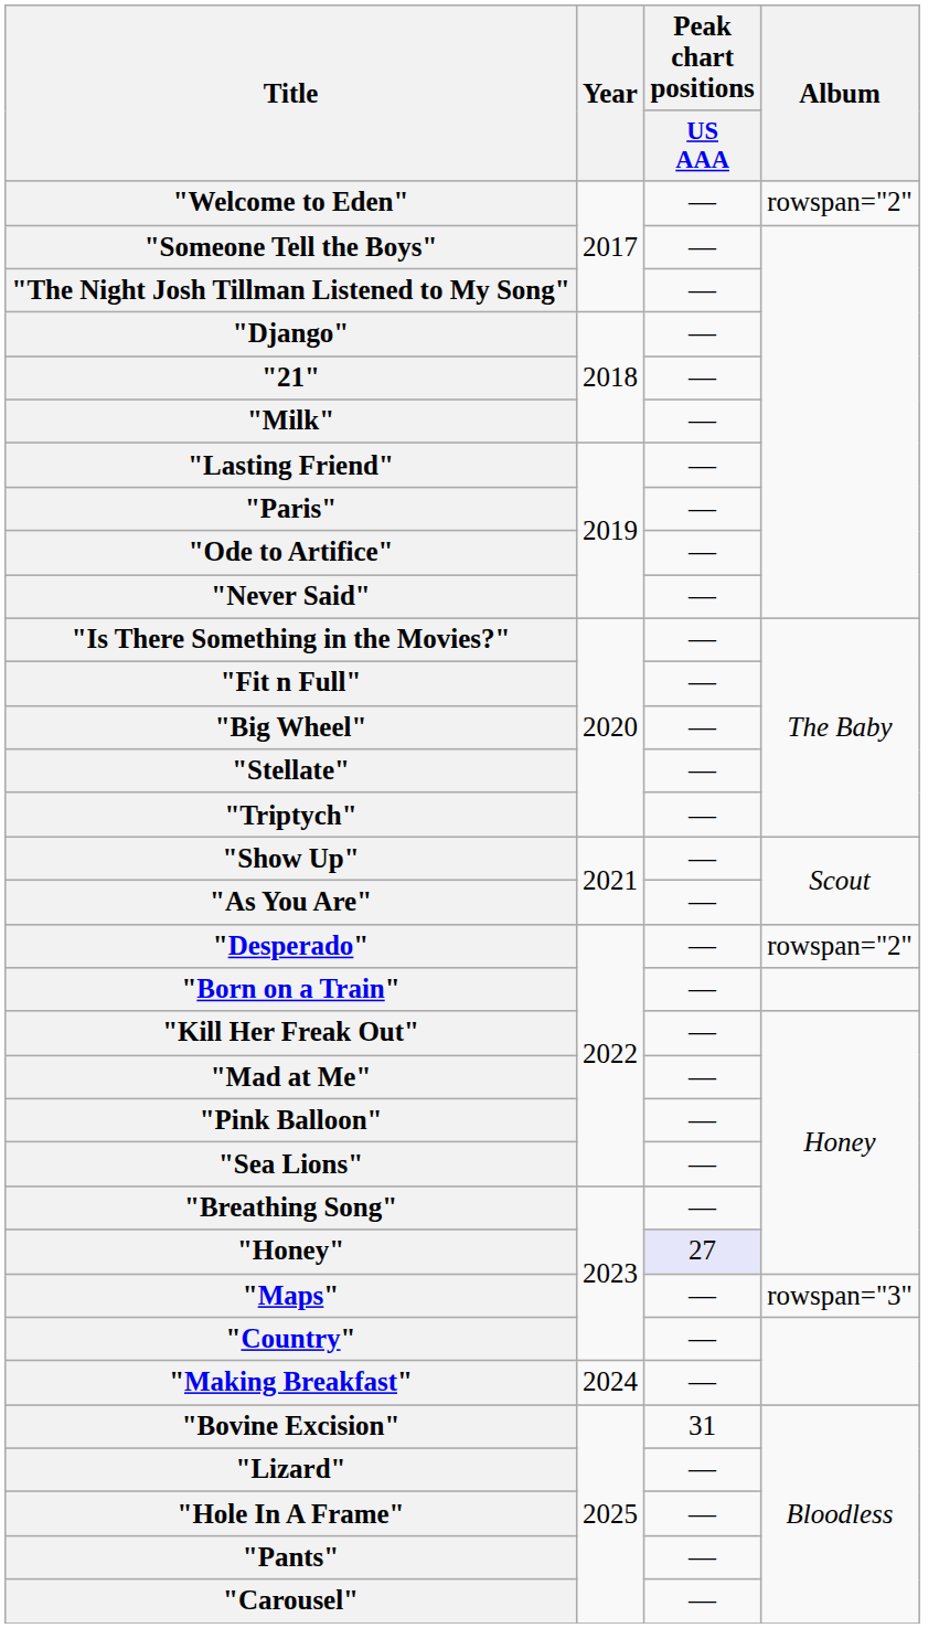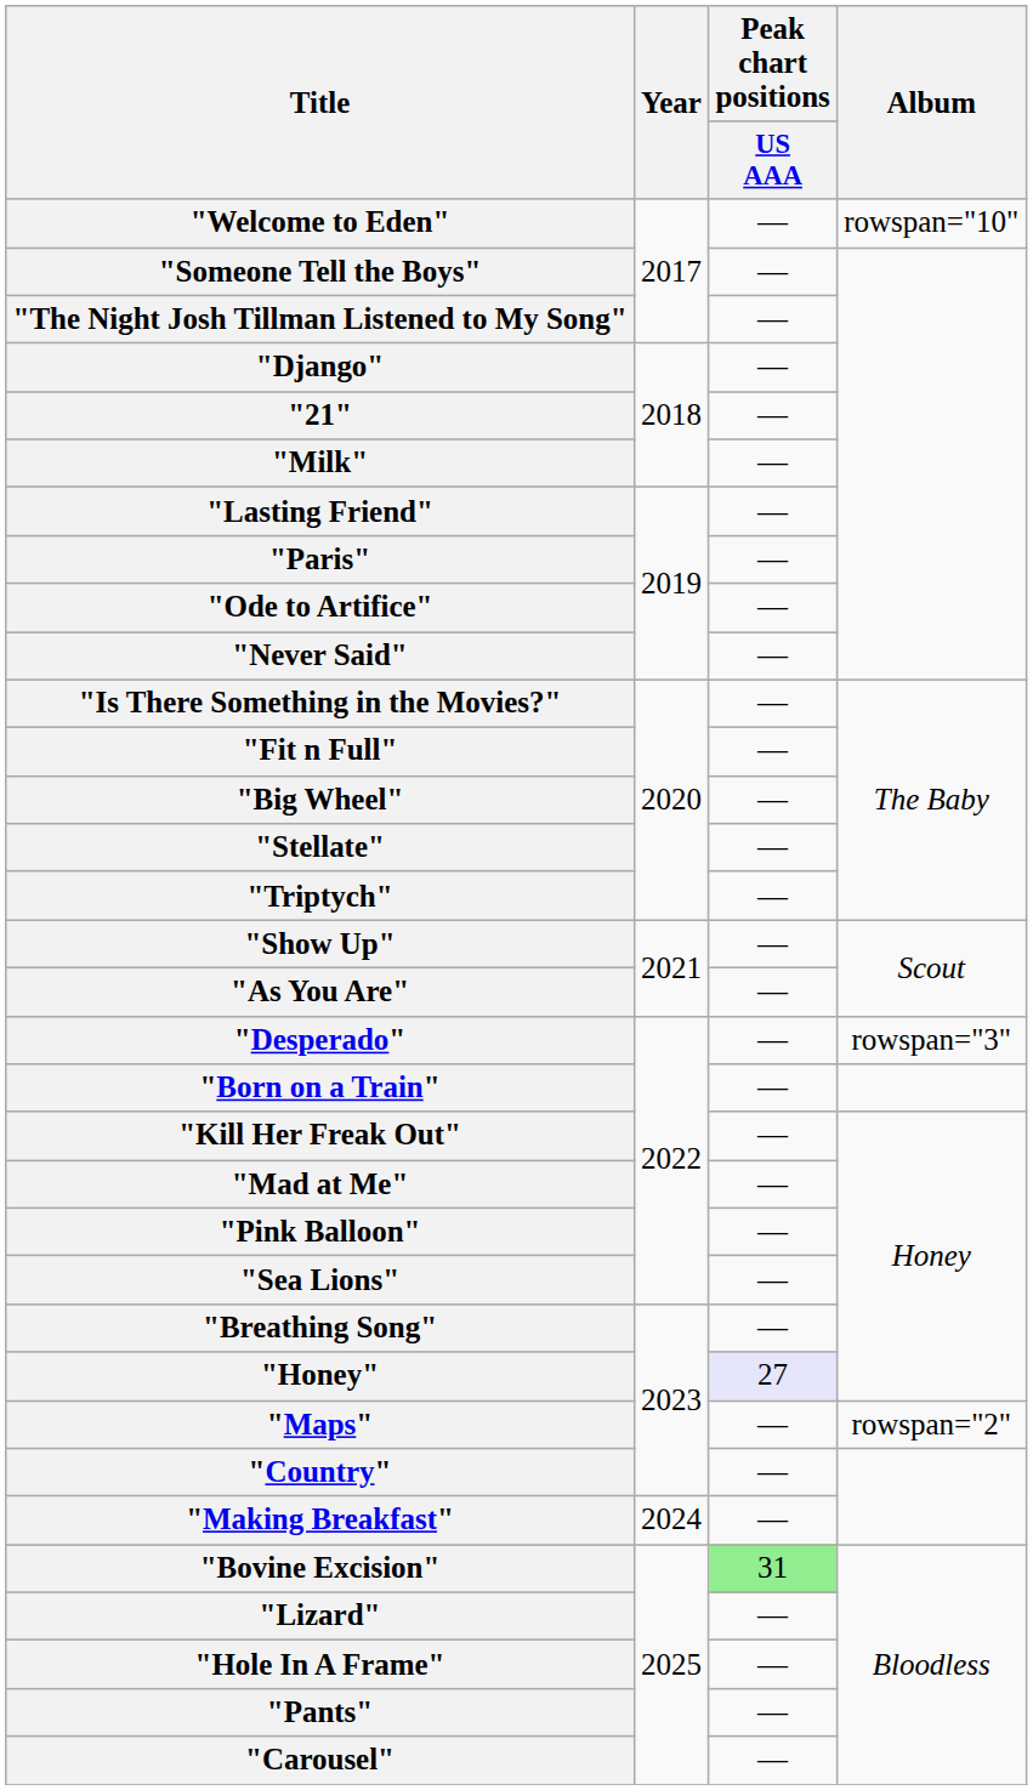 <table class="wikitable plainrowheaders" style="text-align:center;">
 <tr>
 <th scope="col" rowspan="2">Title</th>
 <th scope="col" rowspan="2">Year</th>
 <th>Peak chart positions</th>
 <th scope="col" rowspan="2">Album</th>
 </tr>
 <tr>
 <th scope="col" style="width:3em;font-size:90%;"><a href='#'>US<br>AAA</a><br></th>
 </tr>
 <tr>
 <th scope="row">"Welcome to Eden"</th>
 <td rowspan="3">2017</td>
 <td>—</td>
-<td>rowspan="2" </td>
+<td>rowspan="10" </td>
 </tr>
 <tr>
 <th scope="row">"Someone Tell the Boys"</th>
 <td>—</td>
 </tr>
 <tr>
 <th scope="row">"The Night Josh Tillman Listened to My Song"</th>
 <td>—</td>
 </tr>
 <tr>
 <th scope="row">"Django"</th>
 <td rowspan="3">2018</td>
 <td>—</td>
 </tr>
 <tr>
 <th scope="row">"21"</th>
 <td>—</td>
 </tr>
 <tr>
 <th scope="row">"Milk"</th>
 <td>—</td>
 </tr>
 <tr>
 <th scope="row">"Lasting Friend"</th>
 <td rowspan="4">2019</td>
 <td>—</td>
 </tr>
 <tr>
 <th scope="row">"Paris"</th>
 <td>—</td>
 </tr>
 <tr>
 <th scope="row">"Ode to Artifice"</th>
 <td>—</td>
 </tr>
 <tr>
 <th scope="row">"Never Said"</th>
 <td>—</td>
 </tr>
 <tr>
 <th scope="row">"Is There Something in the Movies?"</th>
 <td rowspan="5">2020</td>
 <td>—</td>
 <td rowspan="5"><em>The Baby</em></td>
 </tr>
 <tr>
 <th scope="row">"Fit n Full"</th>
 <td>—</td>
 </tr>
 <tr>
 <th scope="row">"Big Wheel"</th>
 <td>—</td>
 </tr>
 <tr>
 <th scope="row">"Stellate"</th>
 <td>—</td>
 </tr>
 <tr>
 <th scope="row">"Triptych"</th>
 <td>—</td>
 </tr>
 <tr>
 <th scope="row">"Show Up"</th>
 <td rowspan="2">2021</td>
 <td>—</td>
 <td rowspan="2"><em>Scout</em></td>
 </tr>
 <tr>
 <th scope="row">"As You Are"</th>
 <td>—</td>
 </tr>
 <tr>
 <th scope="row">"<a href='#'>Desperado</a>"</th>
 <td rowspan="6">2022</td>
 <td>—</td>
-<td>rowspan="2" </td>
+<td>rowspan="3" </td>
 </tr>
 <tr>
 <th scope="row">"<a href='#'>Born on a Train</a>"<br></th>
 <td>—</td>
 </tr>
 <tr>
 <th scope="row">"Kill Her Freak Out"</th>
 <td>—</td>
 <td rowspan="6"><em>Honey</em></td>
 </tr>
 <tr>
 <th scope="row">"Mad at Me"<br></th>
 <td>—</td>
 </tr>
 <tr>
 <th scope="row">"Pink Balloon"</th>
 <td>—</td>
 </tr>
 <tr>
 <th scope="row">"Sea Lions"</th>
 <td>—</td>
 </tr>
 <tr>
 <th scope="row">"Breathing Song"</th>
 <td rowspan="4">2023</td>
 <td>—</td>
 </tr>
 <tr>
 <th scope="row">"Honey"</th>
 <td style="background: lavender;">27</td>
 </tr>
 <tr>
 <th scope="row">"<a href='#'>Maps</a>"</th>
 <td>—</td>
-<td>rowspan="3" </td>
+<td>rowspan="2" </td>
 </tr>
 <tr>
 <th scope="row">"<a href='#'>Country</a>"</th>
 <td>—</td>
 </tr>
 <tr>
 <th scope="row">"<a href='#'>Making Breakfast</a>"</th>
 <td rowspan="1">2024</td>
 <td>—</td>
 </tr>
 <tr>
 <th scope="row">"Bovine Excision"</th>
 <td rowspan="5">2025</td>
-<td>31</td>
+<td style="background: lightgreen;">31</td>
 <td rowspan="5"><em>Bloodless</em></td>
 </tr>
 <tr>
 <th scope="row">"Lizard"</th>
 <td>—</td>
 </tr>
 <tr>
 <th scope="row">"Hole In A Frame"</th>
 <td>—</td>
 </tr>
 <tr>
 <th scope="row">"Pants"</th>
 <td>—</td>
 </tr>
 <tr>
 <th scope="row">"Carousel"</th>
 <td>—</td>
 </tr>
 <tr>
 </tr>
 </table>
